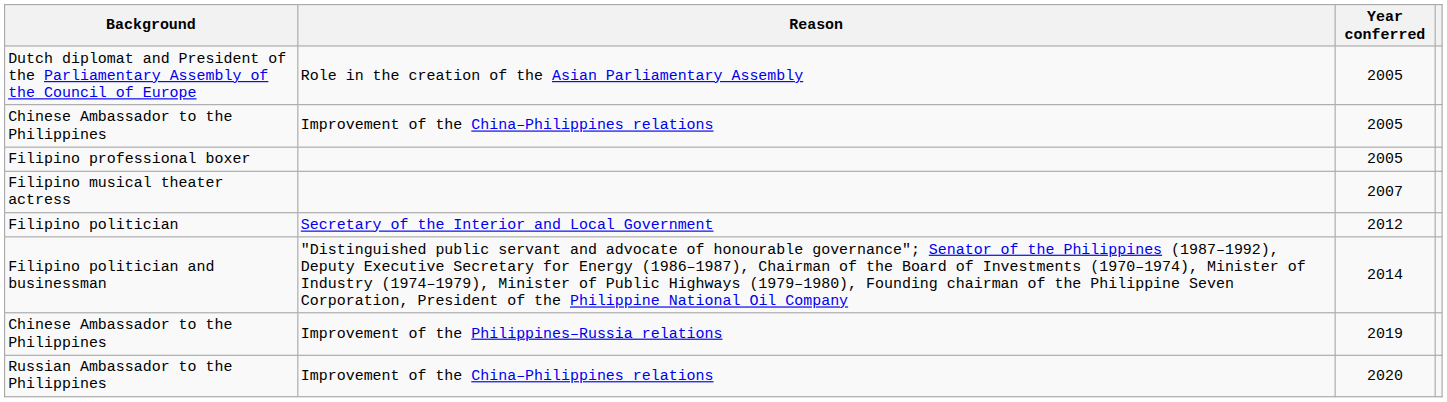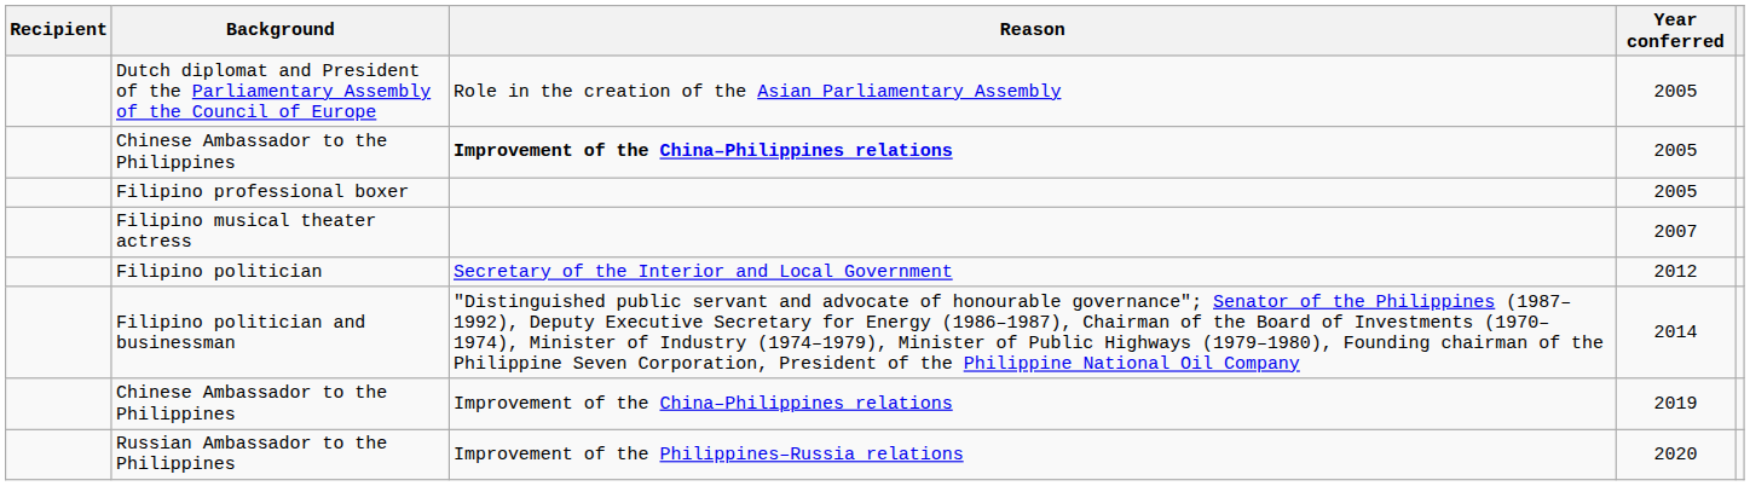 <table class="wikitable sortable" style="text-align: left; width=100%;">
 <tr>
+<th>Recipient</th>
 <th class="unsortable">Background </th>
 <th class="unsortable">Reason</th>
 <th>Year conferred</th>
 <th class="unsortable"></th>
 </tr>
 <tr>
+<td></td>
 <td>Dutch diplomat and President of the <a href='#'>Parliamentary Assembly of the Council of Europe</a></td>
 <td>Role in the creation of the <a href='#'>Asian Parliamentary Assembly</a></td>
 <td align=center>2005</td>
 <td align=center></td>
 </tr>
 <tr>
+<td></td>
 <td>Chinese Ambassador to the Philippines</td>
-<td>Improvement of the <a href='#'>China–Philippines relations</a></td>
+<td><strong>Improvement of the <a href='#'>China–Philippines relations</a></strong></td>
 <td align=center>2005</td>
 <td align=center></td>
 </tr>
 <tr>
+<td></td>
 <td>Filipino professional boxer</td>
 <td></td>
 <td align=center>2005</td>
 <td align=center></td>
 </tr>
 <tr>
+<td></td>
 <td>Filipino musical theater actress</td>
 <td></td>
 <td align=center>2007</td>
 <td align=center></td>
 </tr>
 <tr>
+<td></td>
 <td>Filipino politician</td>
 <td><a href='#'>Secretary of the Interior and Local Government</a></td>
 <td align=center>2012</td>
 <td align=center></td>
 </tr>
 <tr>
+<td></td>
 <td>Filipino politician and businessman</td>
 <td>"Distinguished public servant and advocate of honourable governance"; <a href='#'>Senator of the Philippines</a> (1987–1992), Deputy Executive Secretary for Energy (1986–1987), Chairman of the Board of Investments (1970–1974), Minister of Industry (1974–1979), Minister of Public Highways (1979–1980), Founding chairman of the Philippine Seven Corporation, President of the <a href='#'>Philippine National Oil Company</a></td>
 <td align=center>2014</td>
 <td align=center></td>
 </tr>
 <tr>
+<td></td>
 <td>Chinese Ambassador to the Philippines</td>
-<td>Improvement of the <a href='#'>Philippines–Russia relations</a></td>
+<td>Improvement of the <a href='#'>China–Philippines relations</a></td>
 <td align=center>2019</td>
 <td align=center></td>
 </tr>
 <tr>
+<td></td>
 <td>Russian Ambassador to the Philippines</td>
-<td>Improvement of the <a href='#'>China–Philippines relations</a></td>
+<td>Improvement of the <a href='#'>Philippines–Russia relations</a></td>
 <td align=center>2020</td>
 <td align=center></td>
 </tr>
 </table>
